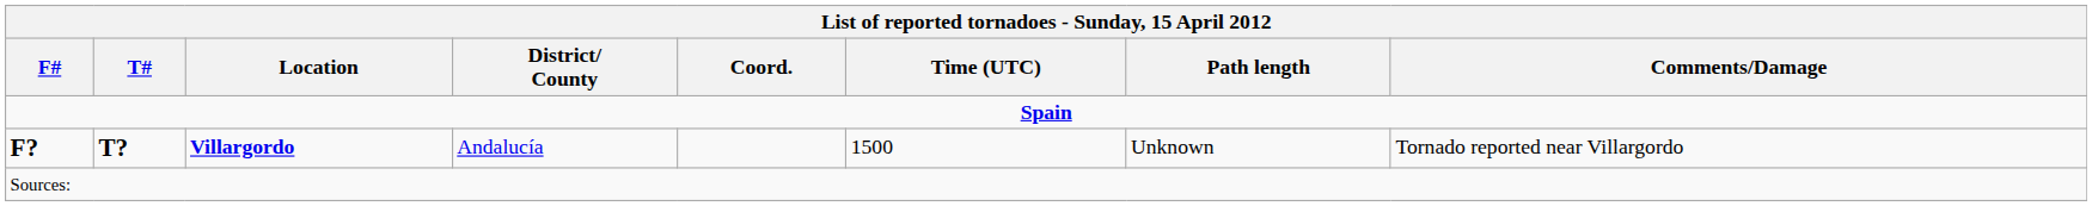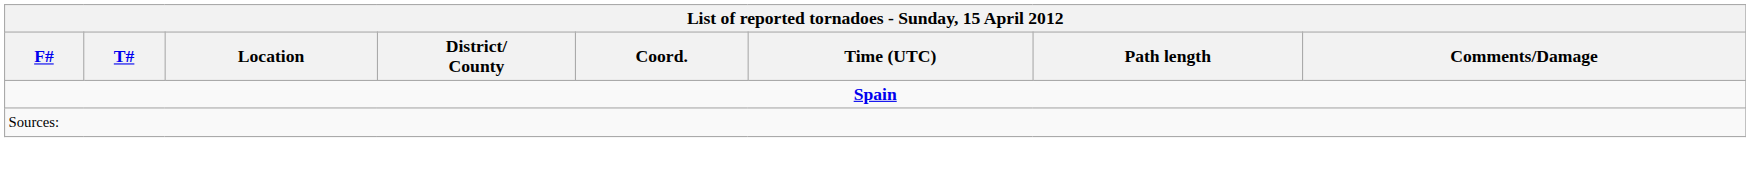 <table class="wikitable collapsible" width="100%">
 <tr>
 <th colspan="8">List of reported tornadoes - Sunday, 15 April 2012</th>
 </tr>
 <tr>
 <th><a href='#'>F#</a></th>
 <th><a href='#'>T#</a></th>
 <th>Location</th>
 <th>District/<br>County</th>
 <th>Coord.</th>
 <th>Time (UTC)</th>
 <th>Path length</th>
 <th>Comments/Damage</th>
 </tr>
 <tr>
 <td colspan="8" align=center><strong><a href='#'>Spain</a></strong></td>
 </tr>
 <tr>
-<td><big><strong>F?</strong></big></td>
-<td><big><strong>T?</strong></big></td>
-<td><strong><a href='#'>Villargordo</a></strong></td>
-<td><a href='#'>Andalucía</a></td>
-<td></td>
-<td>1500</td>
-<td>Unknown</td>
-<td>Tornado reported near Villargordo</td>
-</tr>
-<tr>
 <td colspan="8"><small>Sources:  </small></td>
 </tr>
 </table>
